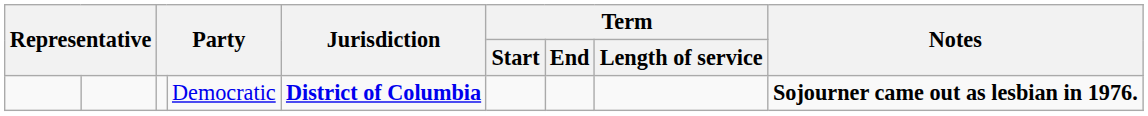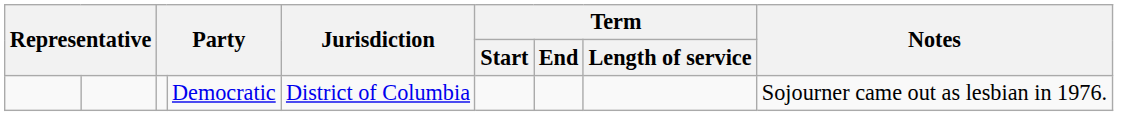 <table class="wikitable sortable" style="text-align:center">
 <tr>
 <th scope="col" rowspan=2 colspan=2>Representative</th>
 <th scope="col" rowspan=2 colspan=2>Party</th>
 <th scope="col" rowspan=2>Jurisdiction</th>
 <th scope="col" colspan=3>Term</th>
 <th scope="col" rowspan=2>Notes</th>
 </tr>
 <tr>
 <th scope="col" data-sort-type="date">Start</th>
 <th scope="col" data-sort-type="date">End</th>
 <th scope="col" data-sort-type="date">Length of service</th>
 </tr>
 <tr>
 <td data-sort-value="Sojourner, Sabrina"></td>
 <td></td>
 <td style="background-color:"></td>
 <td><a href='#'>Democratic</a></td>
-<td><strong><a href='#'>District of Columbia</a></strong></td>
+<td><a href='#'>District of Columbia</a></td>
 <td></td>
 <td></td>
 <td></td>
-<td><strong>Sojourner came out as lesbian in 1976.</strong></td>
+<td>Sojourner came out as lesbian in 1976.</td>
 </tr>
 </table>
